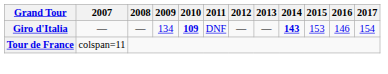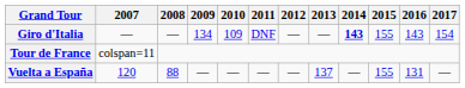 <table class="wikitable plainrowheaders">
 <tr>
 <th scope="col"><a href='#'>Grand Tour</a></th>
 <th scope="col">2007</th>
 <th scope="col">2008</th>
 <th scope="col">2009</th>
 <th scope="col">2010</th>
 <th scope="col">2011</th>
 <th scope="col">2012</th>
 <th scope="col">2013</th>
 <th scope="col">2014</th>
 <th scope="col">2015</th>
 <th scope="col">2016</th>
 <th scope="col">2017</th>
 </tr>
 <tr style="text-align:center;">
 <th scope="row"> <a href='#'>Giro d'Italia</a></th>
 <td>—</td>
 <td>—</td>
 <td><a href='#'>134</a></td>
-<td><strong><a href='#'>109</a></strong></td>
+<td><a href='#'>109</a></td>
 <td><a href='#'>DNF</a></td>
 <td>—</td>
 <td>—</td>
 <td><strong><a href='#'>143</a></strong></td>
-<td><a href='#'>153</a></td>
-<td><a href='#'>146</a></td>
+<td><a href='#'>155</a></td>
+<td><a href='#'>143</a></td>
 <td><a href='#'>154</a></td>
 </tr>
 <tr style="text-align:center;">
 <th scope="row"> <a href='#'>Tour de France</a></th>
 <td>colspan=11 </td>
 </tr>
+<tr style="text-align:center;">
+<th scope="row"> <a href='#'>Vuelta a España</a></th>
+<td><a href='#'>120</a></td>
+<td><a href='#'>88</a></td>
+<td>—</td>
+<td>—</td>
+<td>—</td>
+<td>—</td>
+<td><a href='#'>137</a></td>
+<td>—</td>
+<td><a href='#'>155</a></td>
+<td><a href='#'>131</a></td>
+<td>—</td>
+</tr>
 </table>
